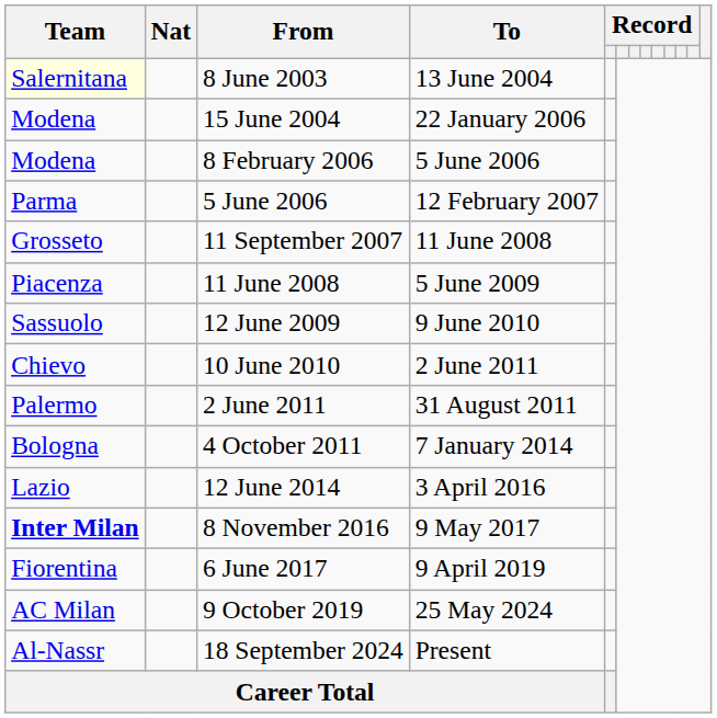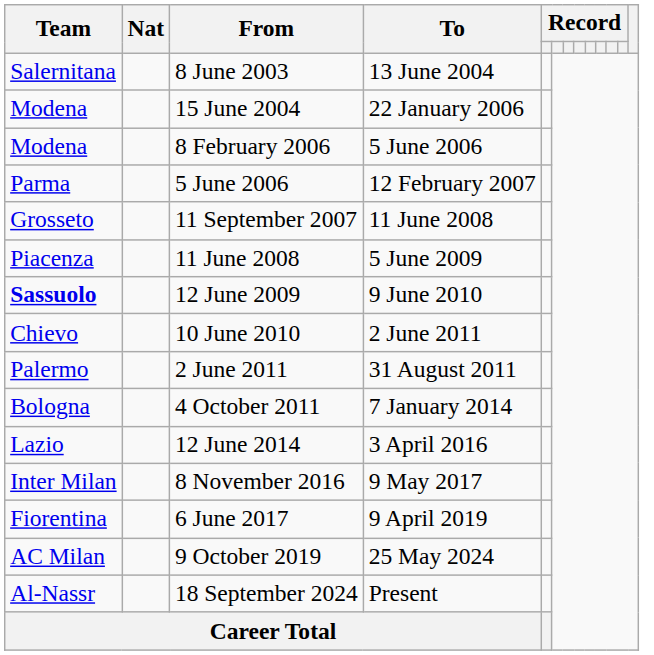 <table class="wikitable" style="text-align: center;">
 <tr>
 <th rowspan="2">Team</th>
 <th rowspan="2">Nat</th>
 <th rowspan="2">From</th>
 <th rowspan="2">To</th>
 <th colspan="8">Record</th>
 <th rowspan="2"></th>
 </tr>
 <tr>
 <th></th>
 <th></th>
 <th></th>
 <th></th>
 <th></th>
 <th></th>
 <th></th>
 <th></th>
 </tr>
 <tr>
-<td align="left" style="background: lightyellow;"><a href='#'>Salernitana</a></td>
+<td align="left"><a href='#'>Salernitana</a></td>
 <td></td>
 <td align=left>8 June 2003</td>
 <td align=left>13 June 2004<br></td>
 <td></td>
 </tr>
 <tr>
 <td align="left"><a href='#'>Modena</a></td>
 <td></td>
 <td align=left>15 June 2004</td>
 <td align=left>22 January 2006<br></td>
 <td></td>
 </tr>
 <tr>
 <td align="left"><a href='#'>Modena</a></td>
 <td></td>
 <td align=left>8 February 2006</td>
 <td align=left>5 June 2006<br></td>
 <td></td>
 </tr>
 <tr>
 <td align="left"><a href='#'>Parma</a></td>
 <td></td>
 <td align=left>5 June 2006</td>
 <td align=left>12 February 2007<br></td>
 <td></td>
 </tr>
 <tr>
 <td align="left"><a href='#'>Grosseto</a></td>
 <td></td>
 <td align=left>11 September 2007</td>
 <td align=left>11 June 2008<br></td>
 <td></td>
 </tr>
 <tr>
 <td align="left"><a href='#'>Piacenza</a></td>
 <td></td>
 <td align=left>11 June 2008</td>
 <td align=left>5 June 2009<br></td>
 <td></td>
 </tr>
 <tr>
-<td align="left"><a href='#'>Sassuolo</a></td>
+<td align="left"><strong><a href='#'>Sassuolo</a></strong></td>
 <td></td>
 <td align=left>12 June 2009</td>
 <td align=left>9 June 2010<br></td>
 <td></td>
 </tr>
 <tr>
 <td align="left"><a href='#'>Chievo</a></td>
 <td></td>
 <td align=left>10 June 2010</td>
 <td align=left>2 June 2011<br></td>
 <td></td>
 </tr>
 <tr>
 <td align="left"><a href='#'>Palermo</a></td>
 <td></td>
 <td align=left>2 June 2011</td>
 <td align=left>31 August 2011<br></td>
 <td></td>
 </tr>
 <tr>
 <td align="left"><a href='#'>Bologna</a></td>
 <td></td>
 <td align=left>4 October 2011</td>
 <td align=left>7 January 2014<br></td>
 <td></td>
 </tr>
 <tr>
 <td align="left"><a href='#'>Lazio</a></td>
 <td></td>
 <td align=left>12 June 2014</td>
 <td align=left>3 April 2016<br></td>
 <td></td>
 </tr>
 <tr>
-<td align="left"><strong><a href='#'>Inter Milan</a></strong></td>
+<td align="left"><a href='#'>Inter Milan</a></td>
 <td></td>
 <td align=left>8 November 2016</td>
 <td align=left>9 May 2017<br></td>
 <td></td>
 </tr>
 <tr>
 <td align="left"><a href='#'>Fiorentina</a></td>
 <td></td>
 <td align=left>6 June 2017</td>
 <td align=left>9 April 2019<br></td>
 <td></td>
 </tr>
 <tr>
 <td align="left"><a href='#'>AC Milan</a></td>
 <td></td>
 <td align=left>9 October 2019</td>
 <td align=left>25 May 2024<br></td>
 <td></td>
 </tr>
 <tr>
 <td align="left"><a href='#'>Al-Nassr</a></td>
 <td></td>
 <td align=left>18 September 2024</td>
 <td align=left>Present<br></td>
 <td></td>
 </tr>
 <tr>
 <th colspan="4">Career Total<br></th>
 <th></th>
 </tr>
 </table>
